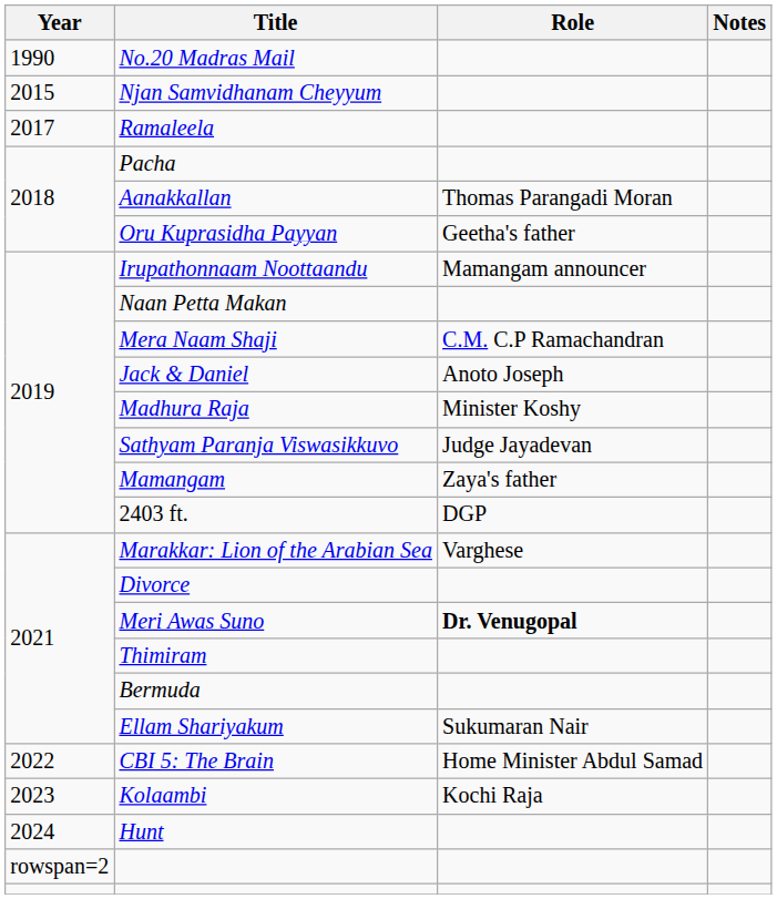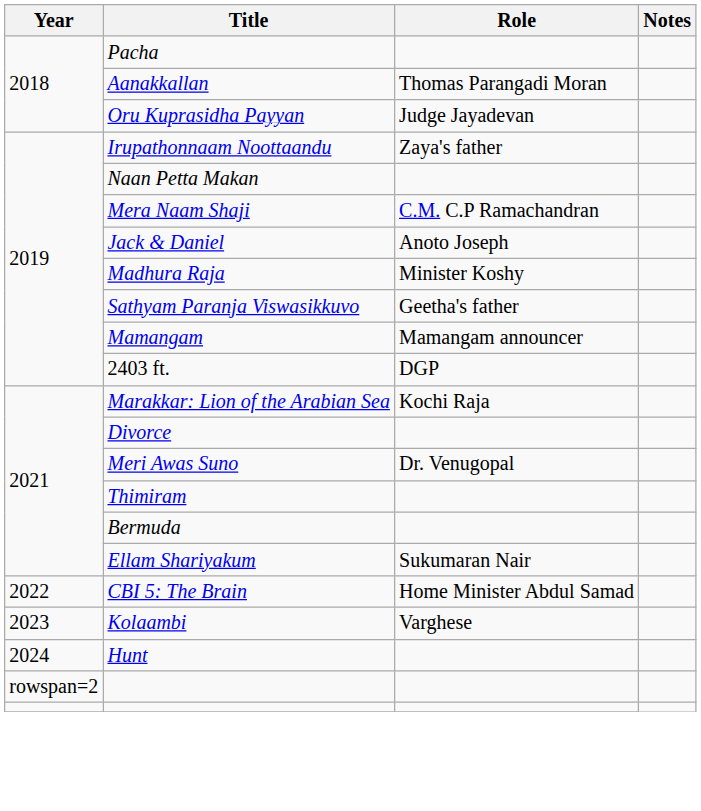 <table class="wikitable sortable">
 <tr>
 <th>Year</th>
 <th>Title</th>
 <th>Role</th>
 <th class="unsortable">Notes</th>
-</tr>
-<tr>
-<td>1990</td>
-<td><em><a href='#'>No.20 Madras Mail</a></em></td>
-<td></td>
-<td></td>
-</tr>
-<tr>
-<td>2015</td>
-<td><em><a href='#'>Njan Samvidhanam Cheyyum</a></em></td>
-<td></td>
-<td></td>
-</tr>
-<tr>
-<td>2017</td>
-<td><em><a href='#'>Ramaleela</a></em></td>
-<td></td>
-<td></td>
 </tr>
 <tr>
 <td rowspan="3">2018</td>
 <td><em>Pacha</em></td>
 <td></td>
 <td></td>
 </tr>
 <tr>
 <td><em><a href='#'>Aanakkallan</a></em></td>
 <td>Thomas Parangadi Moran</td>
 <td></td>
 </tr>
 <tr>
 <td><em><a href='#'>Oru Kuprasidha Payyan</a></em></td>
-<td>Geetha's father</td>
+<td>Judge Jayadevan</td>
 <td></td>
 </tr>
 <tr>
 <td rowspan="8">2019</td>
 <td><em><a href='#'>Irupathonnaam Noottaandu</a></em></td>
-<td>Mamangam announcer</td>
+<td>Zaya's father</td>
 <td></td>
 </tr>
 <tr>
 <td><em>Naan Petta Makan</em></td>
 <td></td>
 <td></td>
 </tr>
 <tr>
 <td><em><a href='#'>Mera Naam Shaji</a></em></td>
 <td><a href='#'>C.M.</a> C.P Ramachandran</td>
 <td></td>
 </tr>
 <tr>
 <td><em><a href='#'>Jack & Daniel</a></em></td>
 <td>Anoto Joseph</td>
 <td></td>
 </tr>
 <tr>
 <td><em><a href='#'>Madhura Raja</a></em></td>
 <td>Minister Koshy</td>
 <td></td>
 </tr>
 <tr>
 <td><em><a href='#'>Sathyam Paranja Viswasikkuvo</a></em></td>
-<td>Judge Jayadevan</td>
+<td>Geetha's father</td>
 <td></td>
 </tr>
 <tr>
 <td><em><a href='#'>Mamangam</a></em></td>
-<td>Zaya's father</td>
+<td>Mamangam announcer</td>
 <td></td>
 </tr>
 <tr>
 <td>2403 ft.</td>
 <td>DGP</td>
 <td></td>
 </tr>
 <tr>
 <td rowspan="6">2021</td>
 <td><em><a href='#'>Marakkar: Lion of the Arabian Sea</a></em></td>
-<td>Varghese</td>
+<td>Kochi Raja</td>
 <td></td>
 </tr>
 <tr>
 <td><em><a href='#'>Divorce</a></em></td>
 <td></td>
 <td></td>
 </tr>
 <tr>
 <td><em><a href='#'>Meri Awas Suno</a></em></td>
-<td><strong>Dr. Venugopal</strong></td>
+<td>Dr. Venugopal</td>
 <td></td>
 </tr>
 <tr>
 <td><em><a href='#'>Thimiram</a></em></td>
 <td></td>
 <td></td>
 </tr>
 <tr>
 <td><em>Bermuda</em></td>
 <td></td>
 <td></td>
 </tr>
 <tr>
 <td><em><a href='#'>Ellam Shariyakum</a></em></td>
 <td>Sukumaran Nair</td>
 <td></td>
 </tr>
 <tr>
 <td>2022</td>
 <td><em><a href='#'>CBI 5: The Brain</a></em></td>
 <td>Home Minister Abdul Samad</td>
 <td></td>
 </tr>
 <tr>
 <td>2023</td>
 <td><em><a href='#'>Kolaambi</a></em></td>
-<td>Kochi Raja</td>
+<td>Varghese</td>
 <td></td>
 </tr>
 <tr>
 <td>2024</td>
 <td><em><a href='#'>Hunt</a></em></td>
 <td></td>
 <td></td>
 </tr>
 <tr>
 <td>rowspan=2 </td>
 <td></td>
 <td></td>
 <td></td>
 </tr>
 <tr>
 <td></td>
 <td></td>
 <td></td>
 </tr>
 <tr>
 </tr>
 </table>
